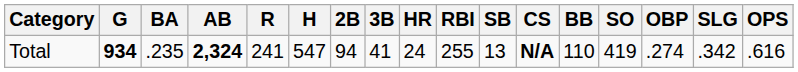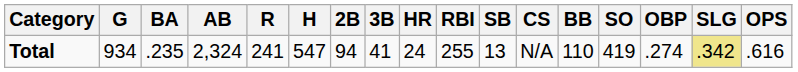 <table class="wikitable">
 <tr>
 <th>Category</th>
 <th>G</th>
 <th>BA</th>
 <th>AB</th>
 <th>R</th>
 <th>H</th>
 <th>2B</th>
 <th>3B</th>
 <th>HR</th>
 <th>RBI</th>
 <th>SB</th>
 <th>CS</th>
 <th>BB</th>
 <th>SO</th>
 <th>OBP</th>
 <th>SLG</th>
 <th>OPS</th>
 </tr>
 <tr>
-<td>Total</td>
-<td><strong>934</strong></td>
+<td><strong>Total</strong></td>
+<td>934</td>
 <td>.235</td>
-<td><strong>2,324</strong></td>
+<td>2,324</td>
 <td>241</td>
 <td>547</td>
 <td>94</td>
 <td>41</td>
 <td>24</td>
 <td>255</td>
 <td>13</td>
-<td><strong>N/A</strong></td>
+<td>N/A</td>
 <td>110</td>
 <td>419</td>
 <td>.274</td>
-<td>.342</td>
+<td style="background: khaki;">.342</td>
 <td>.616</td>
 </tr>
 </table>
